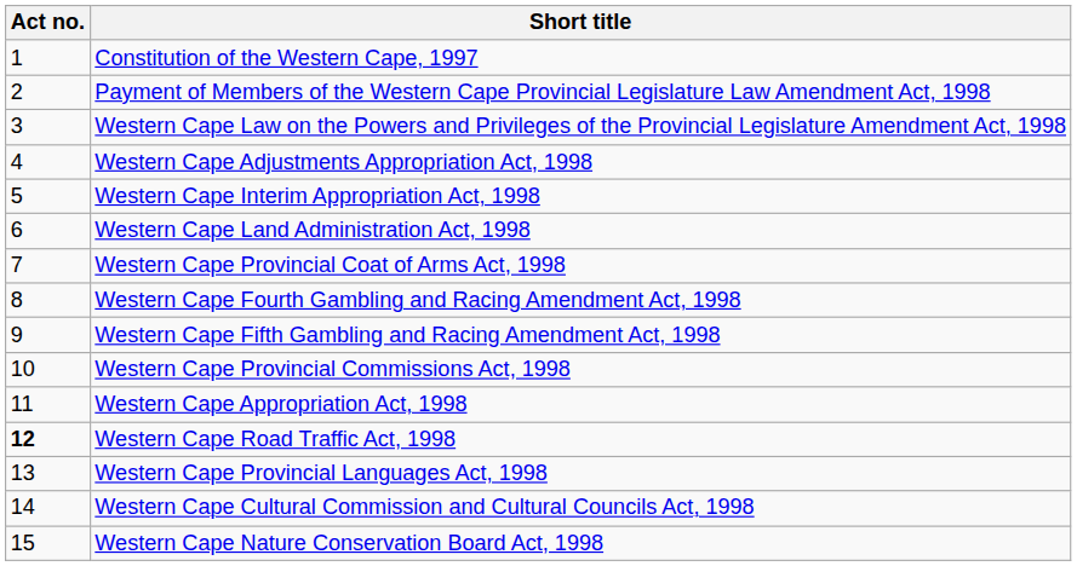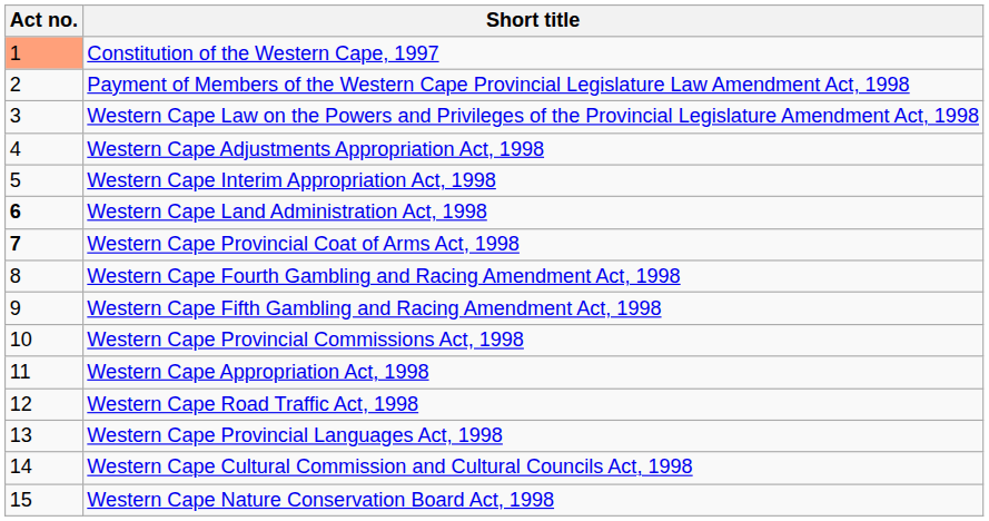 <table class="wikitable">
 <tr>
 <th>Act no.</th>
 <th>Short title</th>
 </tr>
 <tr>
-<td>1</td>
+<td style="background: lightsalmon;">1</td>
 <td><a href='#'>Constitution of the Western Cape, 1997</a></td>
 </tr>
 <tr>
 <td>2</td>
 <td><a href='#'>Payment of Members of the Western Cape Provincial Legislature Law Amendment Act, 1998</a></td>
 </tr>
 <tr>
 <td>3</td>
 <td><a href='#'>Western Cape Law on the Powers and Privileges of the Provincial Legislature Amendment Act, 1998</a></td>
 </tr>
 <tr>
 <td>4</td>
 <td><a href='#'>Western Cape Adjustments Appropriation Act, 1998</a></td>
 </tr>
 <tr>
 <td>5</td>
 <td><a href='#'>Western Cape Interim Appropriation Act, 1998</a></td>
 </tr>
 <tr>
-<td>6</td>
+<td><strong>6</strong></td>
 <td><a href='#'>Western Cape Land Administration Act, 1998</a></td>
 </tr>
 <tr>
-<td>7</td>
+<td><strong>7</strong></td>
 <td><a href='#'>Western Cape Provincial Coat of Arms Act, 1998</a></td>
 </tr>
 <tr>
 <td>8</td>
 <td><a href='#'>Western Cape Fourth Gambling and Racing Amendment Act, 1998</a></td>
 </tr>
 <tr>
 <td>9</td>
 <td><a href='#'>Western Cape Fifth Gambling and Racing Amendment Act, 1998</a></td>
 </tr>
 <tr>
 <td>10</td>
 <td><a href='#'>Western Cape Provincial Commissions Act, 1998</a></td>
 </tr>
 <tr>
 <td>11</td>
 <td><a href='#'>Western Cape Appropriation Act, 1998</a></td>
 </tr>
 <tr>
-<td><strong>12</strong></td>
+<td>12</td>
 <td><a href='#'>Western Cape Road Traffic Act, 1998</a></td>
 </tr>
 <tr>
 <td>13</td>
 <td><a href='#'>Western Cape Provincial Languages Act, 1998</a></td>
 </tr>
 <tr>
 <td>14</td>
 <td><a href='#'>Western Cape Cultural Commission and Cultural Councils Act, 1998</a></td>
 </tr>
 <tr>
 <td>15</td>
 <td><a href='#'>Western Cape Nature Conservation Board Act, 1998</a></td>
 </tr>
 </table>
